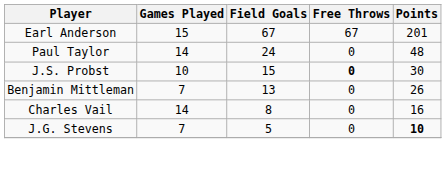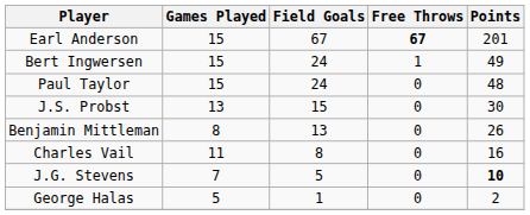 <table class="wikitable sortable">
 <tr>
 <th>Player</th>
 <th>Games Played</th>
 <th>Field Goals</th>
 <th>Free Throws</th>
 <th>Points</th>
 </tr>
 <tr align="center" bgcolor="">
 <td>Earl Anderson</td>
 <td>15</td>
 <td>67</td>
-<td>67</td>
+<td><strong>67</strong></td>
 <td>201</td>
 </tr>
 <tr align="center" bgcolor="">
+<td>Bert Ingwersen</td>
+<td>15</td>
+<td>24</td>
+<td>1</td>
+<td>49</td>
+</tr>
+<tr align="center" bgcolor="">
 <td>Paul Taylor</td>
-<td>14</td>
+<td>15</td>
 <td>24</td>
 <td>0</td>
 <td>48</td>
 </tr>
 <tr align="center" bgcolor="">
 <td>J.S. Probst</td>
-<td>10</td>
+<td>13</td>
 <td>15</td>
-<td><strong>0</strong></td>
+<td>0</td>
 <td>30</td>
 </tr>
 <tr align="center" bgcolor="">
 <td>Benjamin Mittleman</td>
-<td>7</td>
+<td>8</td>
 <td>13</td>
 <td>0</td>
 <td>26</td>
 </tr>
 <tr align="center" bgcolor="">
 <td>Charles Vail</td>
-<td>14</td>
+<td>11</td>
 <td>8</td>
 <td>0</td>
 <td>16</td>
 </tr>
 <tr align="center" bgcolor="">
 <td>J.G. Stevens</td>
 <td>7</td>
 <td>5</td>
 <td>0</td>
 <td><strong>10</strong></td>
 </tr>
 <tr align="center" bgcolor="">
+<td>George Halas</td>
+<td>5</td>
+<td>1</td>
+<td>0</td>
+<td>2</td>
+</tr>
+<tr align="center" bgcolor="">
 </tr>
 </table>
